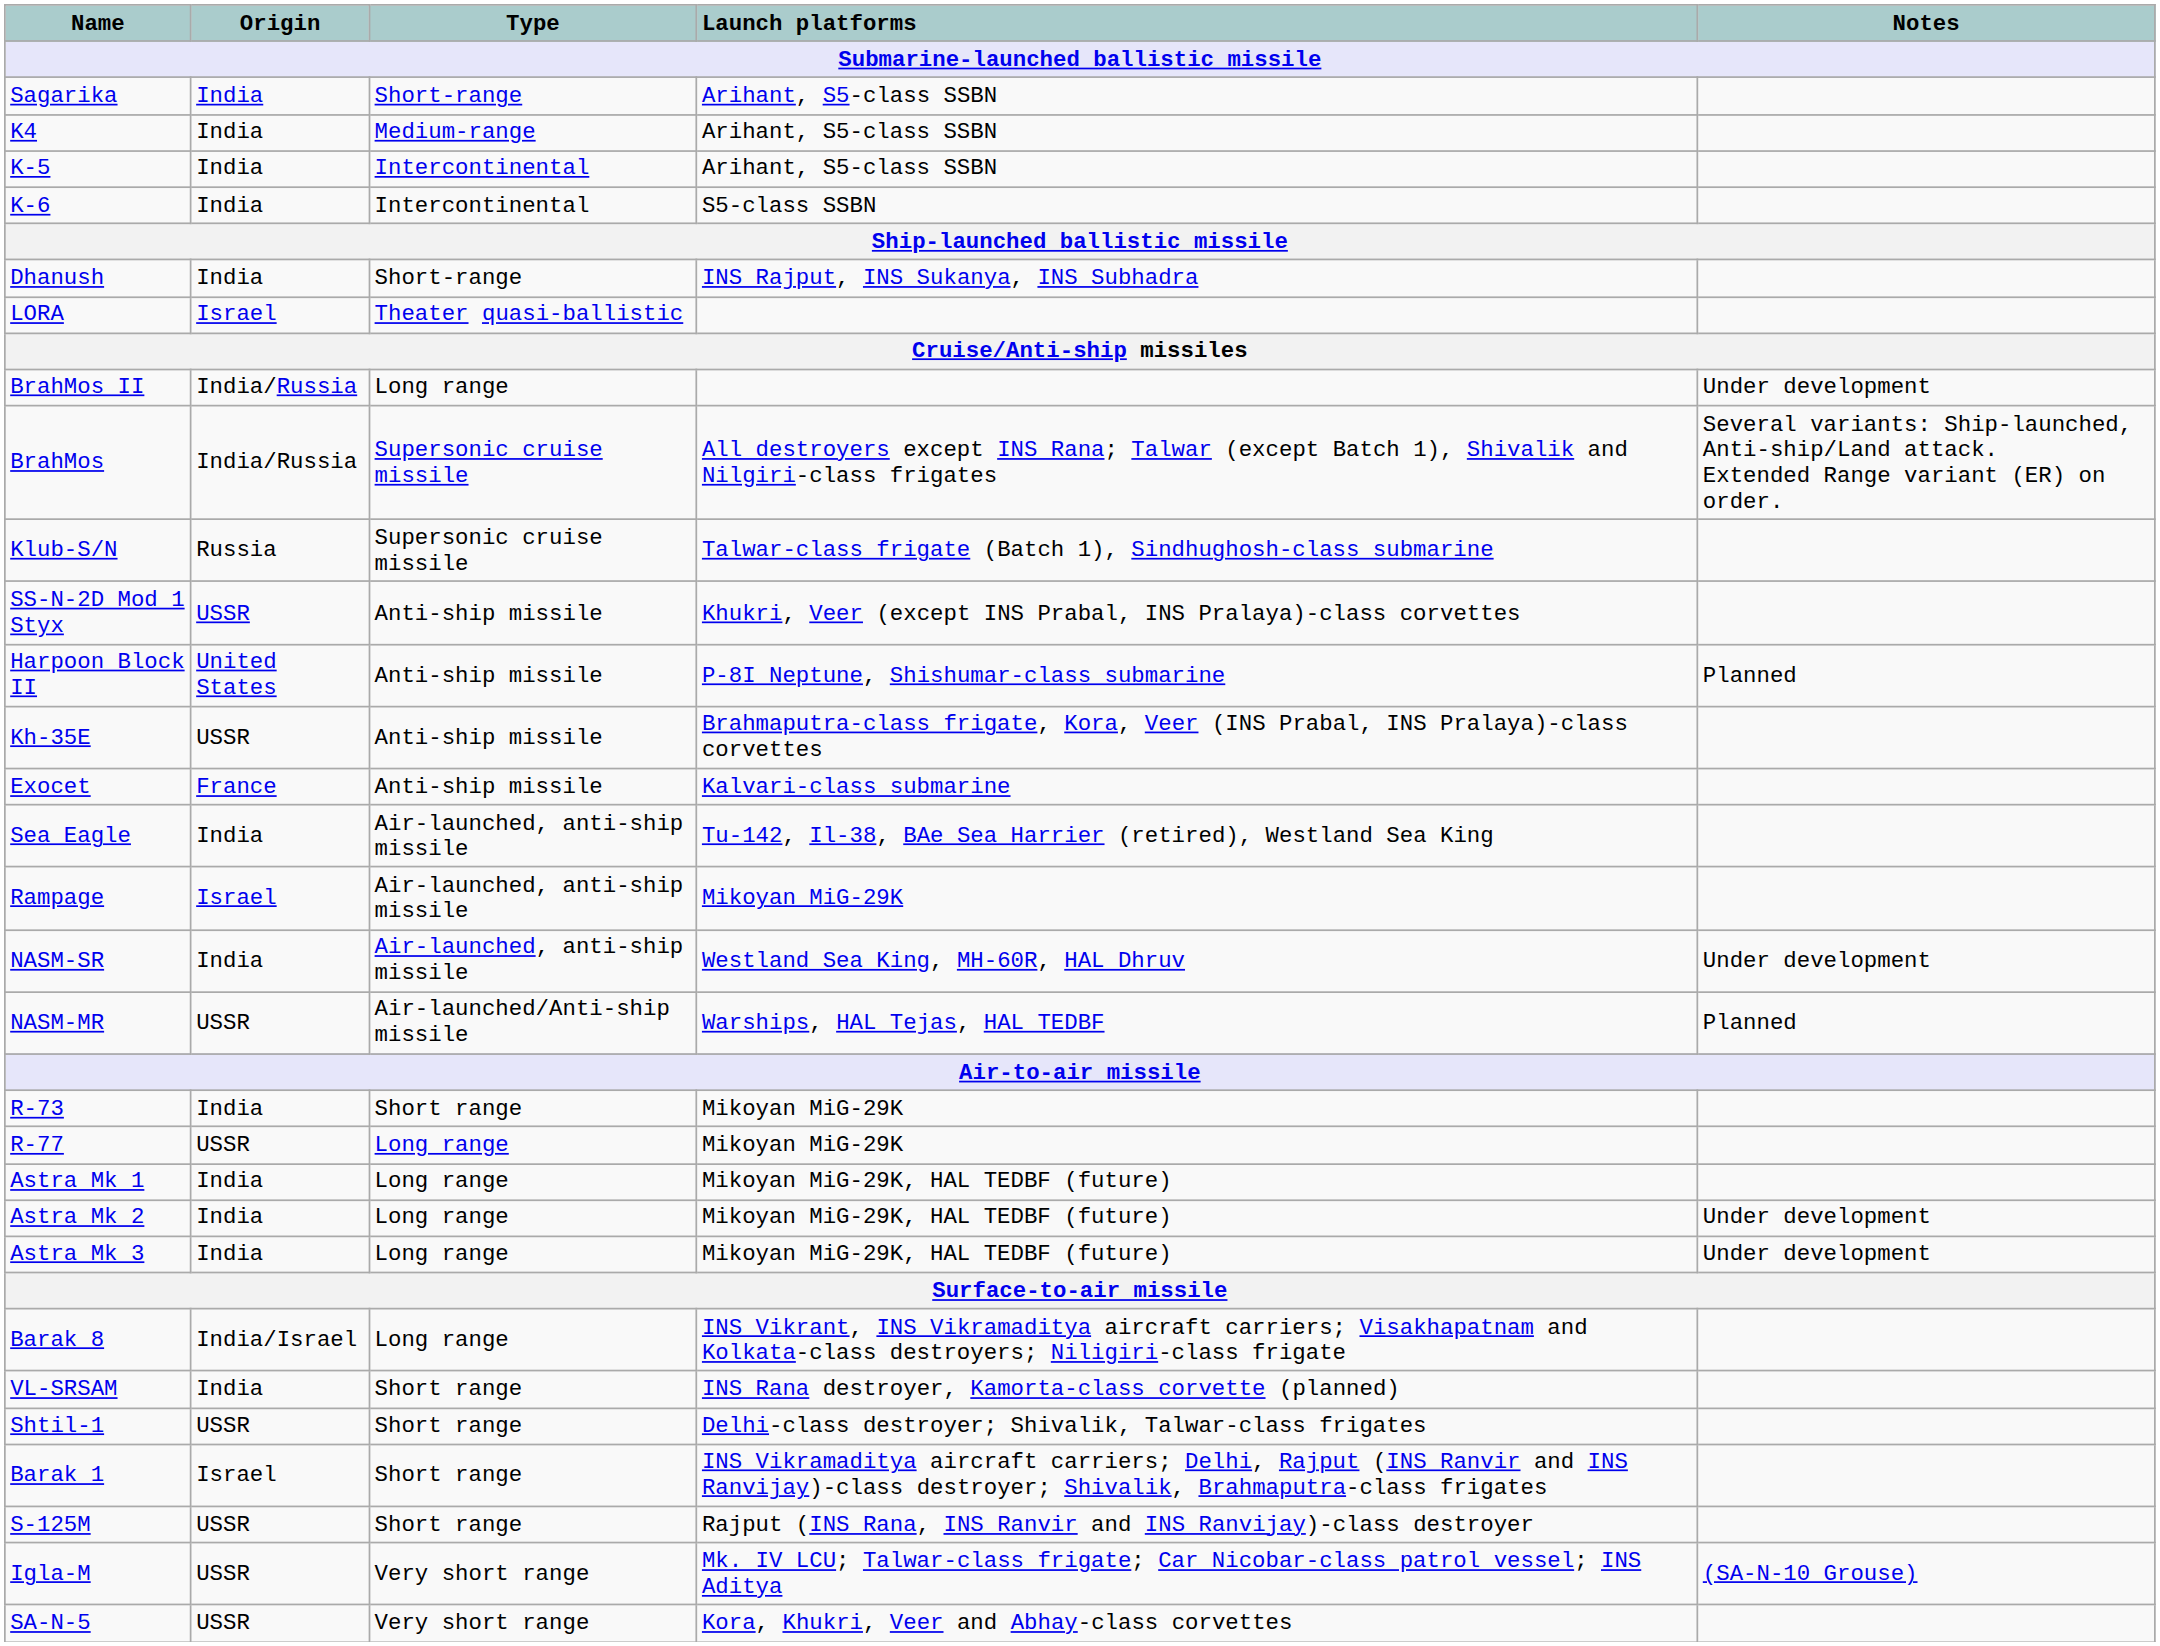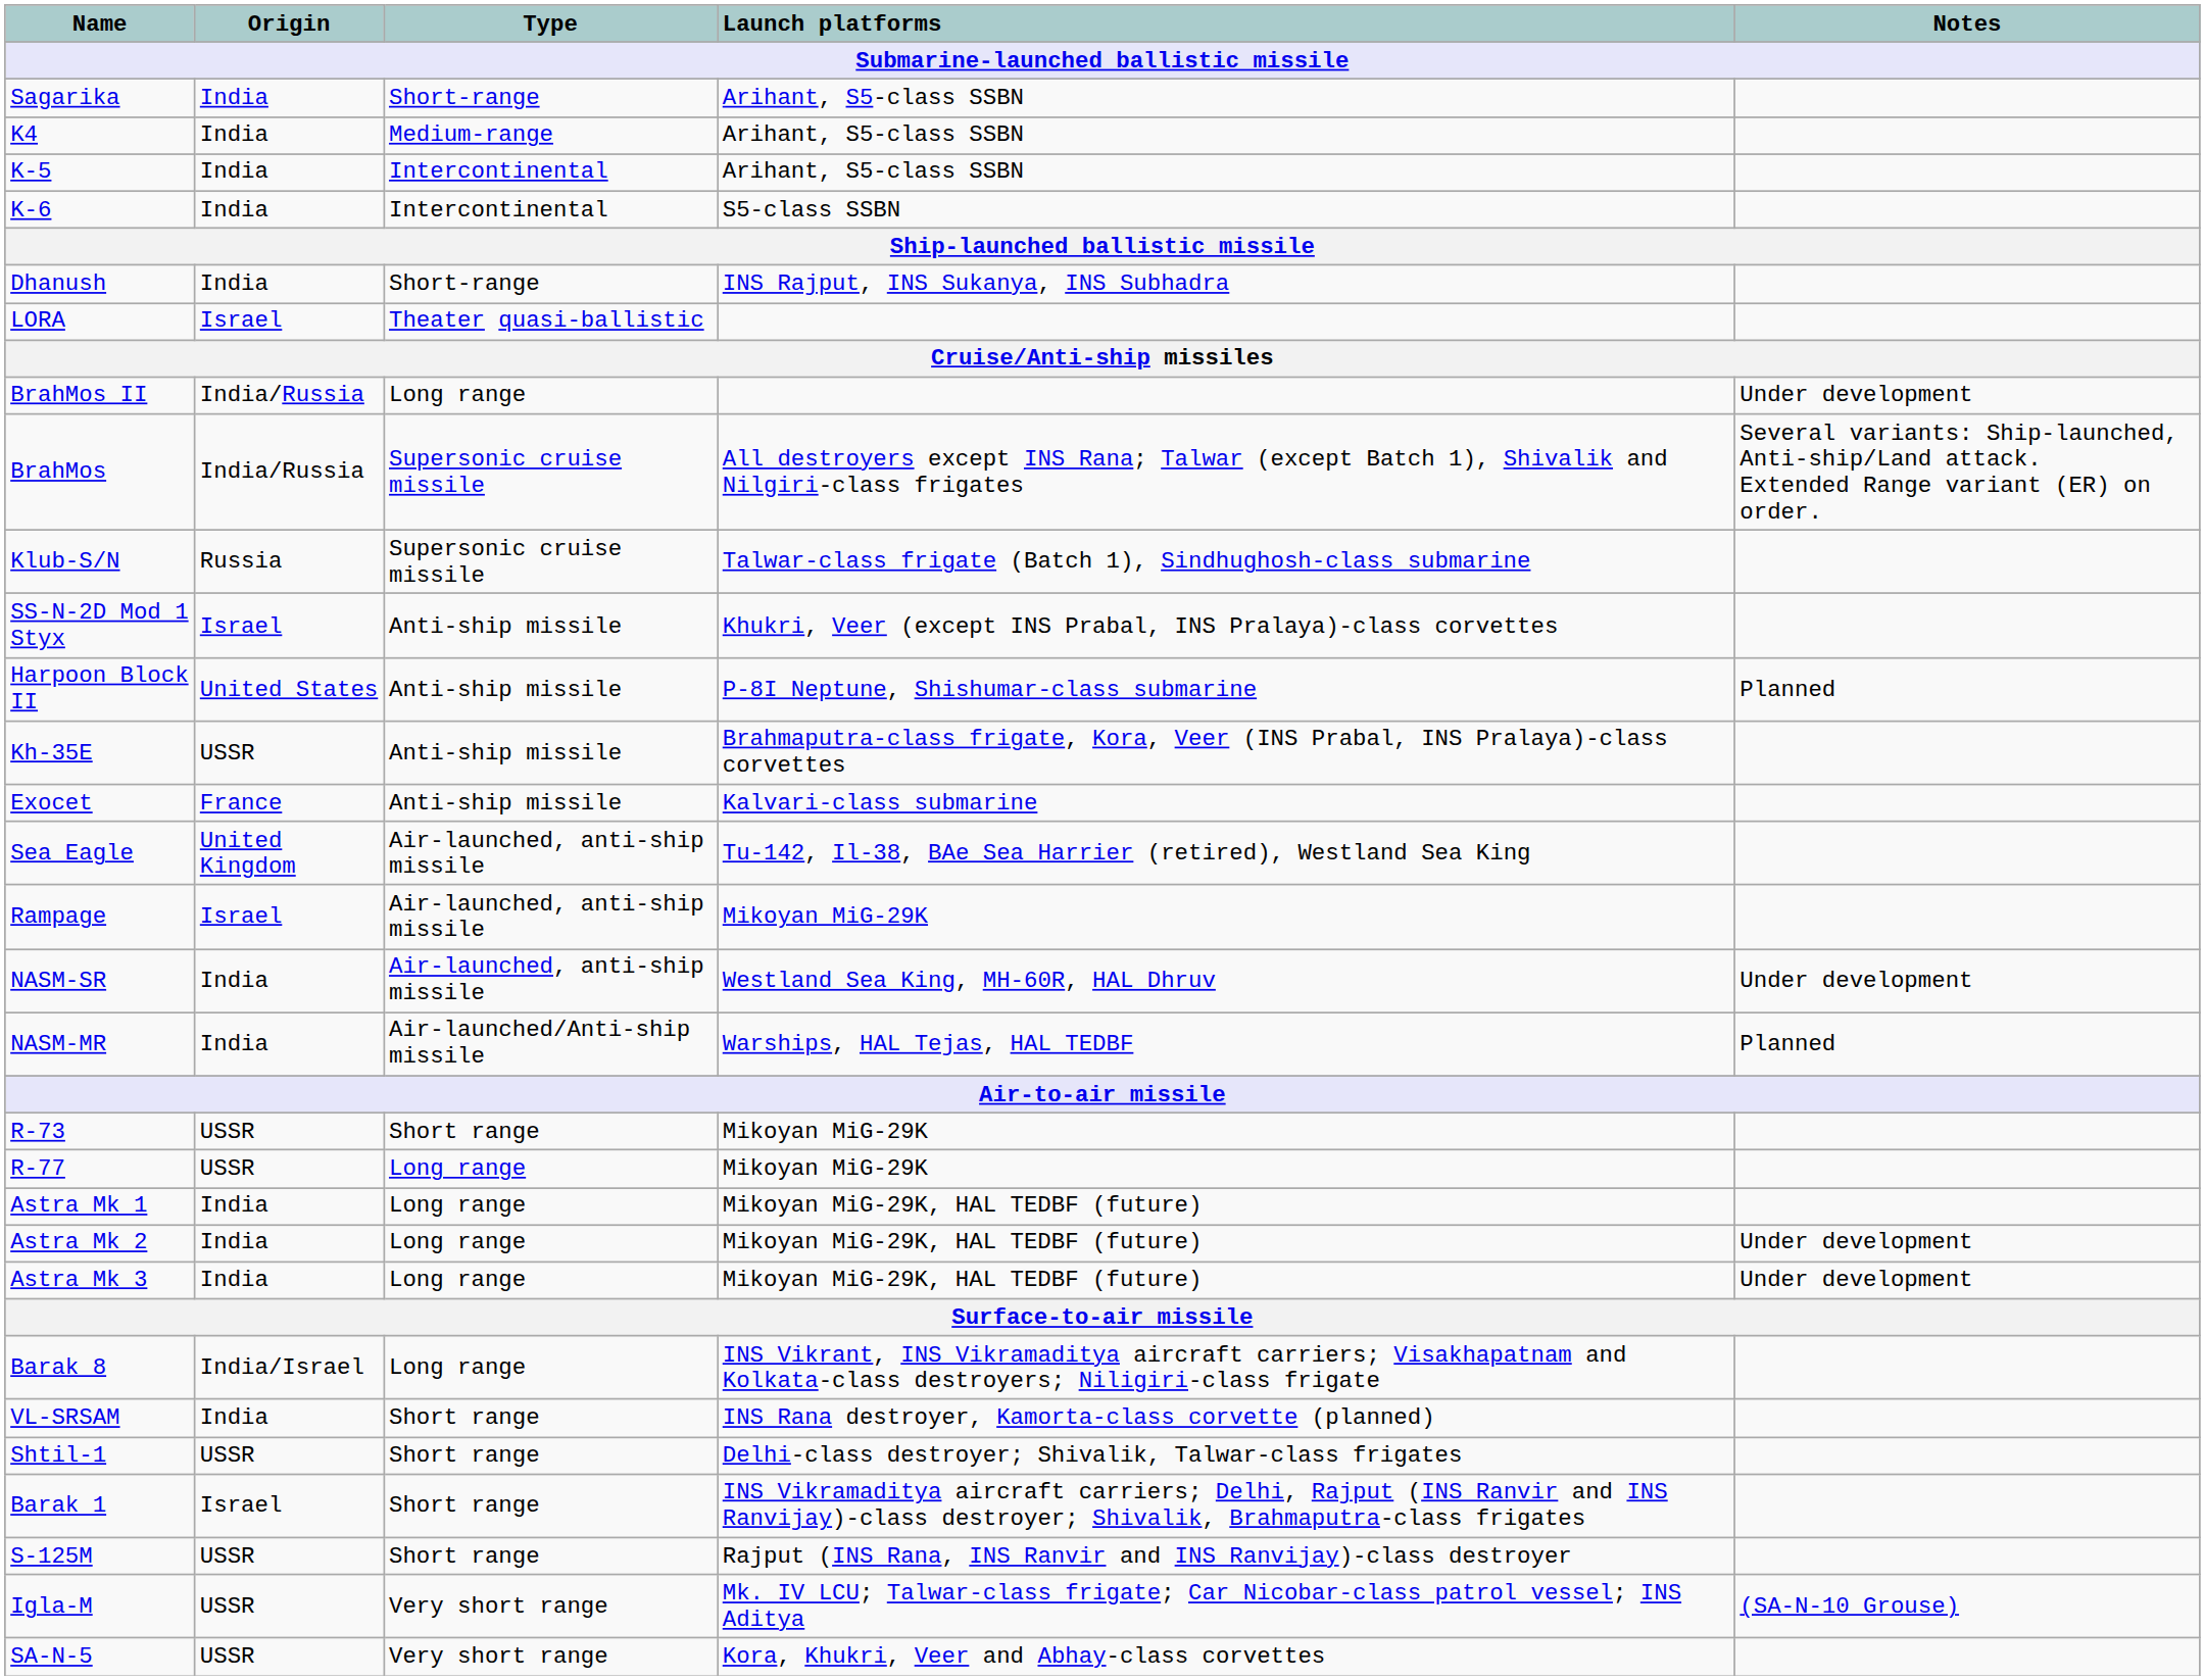 <table class="wikitable">
 <tr>
 <th style="text-align:center; background:#acc;">Name</th>
 <th style="text-align: center; background:#acc;">Origin</th>
 <th style="text-align:l center; background:#acc;">Type</th>
 <th style="text-align:left; background:#acc;">Launch platforms</th>
 <th style="text-align: center; background:#acc;">Notes</th>
 </tr>
 <tr>
 <th colspan="5" style="align: center; background: lavender;"><a href='#'>Submarine-launched ballistic missile</a></th>
 </tr>
 <tr>
 <td><a href='#'>Sagarika</a></td>
 <td><a href='#'>India</a></td>
 <td><a href='#'>Short-range</a></td>
 <td><a href='#'>Arihant</a>, <a href='#'>S5</a>-class SSBN</td>
 <td></td>
 </tr>
 <tr>
 <td><a href='#'>K4</a></td>
 <td>India</td>
 <td><a href='#'>Medium-range</a></td>
 <td>Arihant, S5-class SSBN</td>
 <td></td>
 </tr>
 <tr>
 <td><a href='#'>K-5</a></td>
 <td>India</td>
 <td><a href='#'>Intercontinental</a></td>
 <td>Arihant, S5-class SSBN</td>
 <td></td>
 </tr>
 <tr>
 <td><a href='#'>K-6</a></td>
 <td>India</td>
 <td>Intercontinental</td>
 <td>S5-class SSBN</td>
 <td></td>
 </tr>
 <tr>
 <th colspan="5"><a href='#'>Ship-launched ballistic missile</a></th>
 </tr>
 <tr>
 <td><a href='#'>Dhanush</a></td>
 <td>India</td>
 <td>Short-range</td>
 <td><a href='#'>INS Rajput</a>, <a href='#'>INS Sukanya</a>, <a href='#'>INS Subhadra</a></td>
 <td></td>
 </tr>
 <tr>
 <td><a href='#'>LORA</a></td>
 <td><a href='#'>Israel</a></td>
 <td><a href='#'>Theater</a> <a href='#'>quasi-ballistic</a></td>
 <td></td>
 <td></td>
 </tr>
 <tr>
 <th colspan="5"><a href='#'>Cruise/</a><a href='#'>Anti-ship</a> missiles</th>
 </tr>
 <tr>
 <td><a href='#'>BrahMos II</a></td>
 <td>India/<a href='#'>Russia</a></td>
 <td>Long range</td>
 <td></td>
 <td>Under development</td>
 </tr>
 <tr>
 <td><a href='#'>BrahMos</a></td>
 <td>India/Russia</td>
 <td><a href='#'>Supersonic cruise missile</a></td>
 <td><a href='#'>All destroyers</a> except <a href='#'>INS Rana</a>; <a href='#'>Talwar</a> (except Batch 1), <a href='#'>Shivalik</a> and <a href='#'>Nilgiri</a>-class frigates</td>
 <td>Several variants: Ship-launched, Anti-ship/Land attack.<br>Extended Range variant (ER) on order.</td>
 </tr>
 <tr>
 <td><a href='#'>Klub-S/N</a></td>
 <td>Russia</td>
 <td>Supersonic cruise missile</td>
 <td><a href='#'>Talwar-class frigate</a> (Batch 1), <a href='#'>Sindhughosh-class submarine</a></td>
 <td></td>
 </tr>
 <tr>
 <td><a href='#'>SS-N-2D Mod 1 Styx</a></td>
-<td><a href='#'>USSR</a></td>
+<td><a href='#'>Israel</a></td>
 <td>Anti-ship missile</td>
 <td><a href='#'>Khukri</a>, <a href='#'>Veer</a> (except INS Prabal, INS Pralaya)-class corvettes</td>
 <td></td>
 </tr>
 <tr>
 <td><a href='#'>Harpoon Block II</a></td>
 <td><a href='#'>United States</a></td>
 <td>Anti-ship missile</td>
 <td><a href='#'>P-8I Neptune</a>, <a href='#'>Shishumar-class submarine</a></td>
 <td>Planned</td>
 </tr>
 <tr>
 <td><a href='#'>Kh-35E</a></td>
 <td>USSR</td>
 <td>Anti-ship missile</td>
 <td><a href='#'>Brahmaputra-class frigate</a>, <a href='#'>Kora</a>, <a href='#'>Veer</a> (INS Prabal, INS Pralaya)-class corvettes</td>
 <td></td>
 </tr>
 <tr>
 <td><a href='#'>Exocet</a></td>
 <td><a href='#'>France</a></td>
 <td>Anti-ship missile</td>
 <td><a href='#'>Kalvari-class submarine</a></td>
 <td></td>
 </tr>
 <tr>
 <td><a href='#'>Sea Eagle</a></td>
-<td>India</td>
+<td><a href='#'>United Kingdom</a></td>
 <td>Air-launched, anti-ship missile</td>
 <td><a href='#'>Tu-142</a>, <a href='#'>Il-38</a>, <a href='#'>BAe Sea Harrier</a> (retired), Westland Sea King</td>
 <td></td>
 </tr>
 <tr>
 <td><a href='#'>Rampage</a></td>
 <td><a href='#'>Israel</a></td>
 <td>Air-launched, anti-ship missile</td>
 <td><a href='#'>Mikoyan MiG-29K</a></td>
 <td></td>
 </tr>
 <tr>
 <td><a href='#'>NASM-SR</a></td>
 <td>India</td>
 <td><a href='#'>Air-launched</a>, anti-ship missile</td>
 <td><a href='#'>Westland Sea King</a>, <a href='#'>MH-60R</a>, <a href='#'>HAL Dhruv</a></td>
 <td>Under development</td>
 </tr>
 <tr>
 <td><a href='#'>NASM-MR</a></td>
-<td>USSR</td>
+<td>India</td>
 <td>Air-launched/Anti-ship missile</td>
 <td><a href='#'>Warships</a>, <a href='#'>HAL Tejas</a>, <a href='#'>HAL TEDBF</a></td>
 <td>Planned</td>
 </tr>
 <tr>
 <th colspan="5" style="align: center; background: lavender;"><a href='#'>Air-to-air missile</a></th>
 </tr>
 <tr>
 <td><a href='#'>R-73</a></td>
-<td>India</td>
+<td>USSR</td>
 <td>Short range</td>
 <td>Mikoyan MiG-29K</td>
 <td></td>
 </tr>
 <tr>
 <td><a href='#'>R-77</a></td>
 <td>USSR</td>
 <td><a href='#'>Long range</a></td>
 <td>Mikoyan MiG-29K</td>
 <td></td>
 </tr>
 <tr>
 <td><a href='#'>Astra Mk 1</a></td>
 <td>India</td>
 <td>Long range</td>
 <td>Mikoyan MiG-29K, HAL TEDBF (future)</td>
 <td></td>
 </tr>
 <tr>
 <td><a href='#'>Astra Mk 2</a></td>
 <td>India</td>
 <td>Long range</td>
 <td>Mikoyan MiG-29K, HAL TEDBF (future)</td>
 <td>Under development</td>
 </tr>
 <tr>
 <td><a href='#'>Astra Mk 3</a></td>
 <td>India</td>
 <td>Long range</td>
 <td>Mikoyan MiG-29K, HAL TEDBF (future)</td>
 <td>Under development</td>
 </tr>
 <tr>
 <th colspan="5"><a href='#'>Surface-to-air missile</a></th>
 </tr>
 <tr>
 <td><a href='#'>Barak 8</a></td>
 <td>India/Israel</td>
 <td>Long range</td>
 <td><a href='#'>INS Vikrant</a>, <a href='#'>INS Vikramaditya</a> aircraft carriers; <a href='#'>Visakhapatnam</a> and <a href='#'>Kolkata</a>-class destroyers; <a href='#'>Niligiri</a>-class frigate</td>
 <td></td>
 </tr>
 <tr>
 <td><a href='#'>VL-SRSAM</a></td>
 <td>India</td>
 <td>Short range</td>
 <td><a href='#'>INS Rana</a> destroyer, <a href='#'>Kamorta-class corvette</a> (planned)</td>
 <td></td>
 </tr>
 <tr>
 <td><a href='#'>Shtil-1</a></td>
 <td>USSR</td>
 <td>Short range</td>
 <td><a href='#'>Delhi</a>-class destroyer; Shivalik, Talwar-class frigates</td>
 <td></td>
 </tr>
 <tr>
 <td><a href='#'>Barak 1</a></td>
 <td>Israel</td>
 <td>Short range</td>
 <td><a href='#'>INS Vikramaditya</a> aircraft carriers; <a href='#'>Delhi</a>, <a href='#'>Rajput</a> (<a href='#'>INS Ranvir</a> and <a href='#'>INS Ranvijay</a>)-class destroyer; <a href='#'>Shivalik</a>, <a href='#'>Brahmaputra</a>-class frigates</td>
 <td></td>
 </tr>
 <tr>
 <td><a href='#'>S-125M</a></td>
 <td>USSR</td>
 <td>Short range</td>
 <td>Rajput (<a href='#'>INS Rana</a>, <a href='#'>INS Ranvir</a> and <a href='#'>INS Ranvijay</a>)-class destroyer</td>
 <td></td>
 </tr>
 <tr>
 <td><a href='#'>Igla-M</a></td>
 <td>USSR</td>
 <td>Very short range</td>
 <td><a href='#'>Mk. IV LCU</a>; <a href='#'>Talwar-class frigate</a>; <a href='#'>Car Nicobar-class patrol vessel</a>; <a href='#'>INS Aditya</a></td>
 <td><a href='#'>(SA-N-10 Grouse)</a></td>
 </tr>
 <tr>
 <td><a href='#'>SA-N-5</a></td>
 <td>USSR</td>
 <td>Very short range</td>
 <td><a href='#'>Kora</a>, <a href='#'>Khukri</a>, <a href='#'>Veer</a> and <a href='#'>Abhay</a>-class corvettes</td>
 <td></td>
 </tr>
 </table>
